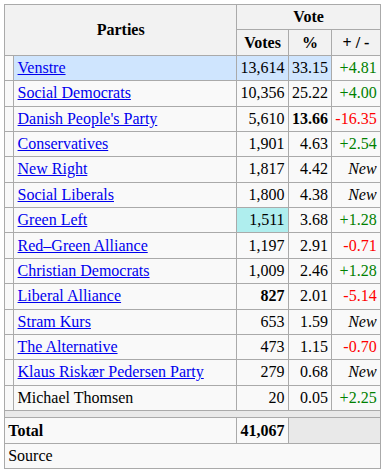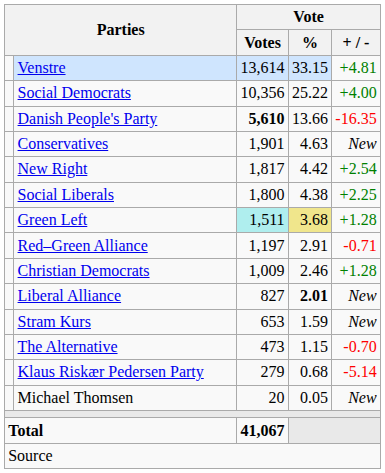 <table class="wikitable" style="text-align:right;">
 <tr>
 <th style="text-align:centre;" rowspan="2" colspan="2" width="225">Parties</th>
 <th colspan="3">Vote</th>
 </tr>
 <tr>
 <th width="15">Votes</th>
 <th width="15">%</th>
 <th width="15">+ / -</th>
 </tr>
 <tr>
 <td width="2" style="color:inherit;background:"></td>
 <td bgcolor=#cfe5fe  align="left"><a href='#'>Venstre</a></td>
 <td bgcolor=#cfe5fe>13,614</td>
 <td bgcolor=#cfe5fe>33.15</td>
 <td style=color:green;>+4.81</td>
 </tr>
 <tr>
 <td width="2" style="color:inherit;background:"></td>
 <td align="left"><a href='#'>Social Democrats</a></td>
 <td>10,356</td>
 <td>25.22</td>
 <td style=color:green;>+4.00</td>
 </tr>
 <tr>
 <td width="2" style="color:inherit;background:"></td>
 <td align="left"><a href='#'>Danish People's Party</a></td>
-<td>5,610</td>
-<td><strong>13.66</strong></td>
+<td><strong>5,610</strong></td>
+<td>13.66</td>
 <td style=color:red;>-16.35</td>
 </tr>
 <tr>
 <td width="2" style="color:inherit;background:"></td>
 <td align="left"><a href='#'>Conservatives</a></td>
 <td>1,901</td>
 <td>4.63</td>
-<td style=color:green;>+2.54</td>
+<td><em>New</em></td>
 </tr>
 <tr>
 <td width="2" style="color:inherit;background:"></td>
 <td align="left"><a href='#'>New Right</a></td>
 <td>1,817</td>
 <td>4.42</td>
-<td><em>New</em></td>
+<td style=color:green;>+2.54</td>
 </tr>
 <tr>
 <td width="2" style="color:inherit;background:"></td>
 <td align="left"><a href='#'>Social Liberals</a></td>
 <td>1,800</td>
 <td>4.38</td>
-<td><em>New</em></td>
+<td style=color:green;>+2.25</td>
 </tr>
 <tr>
 <td width="2" style="color:inherit;background:"></td>
 <td align="left"><a href='#'>Green Left</a></td>
 <td style="background: paleturquoise;">1,511</td>
-<td>3.68</td>
+<td style="background: khaki;">3.68</td>
 <td style=color:green;>+1.28</td>
 </tr>
 <tr>
 <td width="2" style="color:inherit;background:"></td>
 <td align="left"><a href='#'>Red–Green Alliance</a></td>
 <td>1,197</td>
 <td>2.91</td>
 <td style=color:red;>-0.71</td>
 </tr>
 <tr>
 <td width="2" style="color:inherit;background:"></td>
 <td align="left"><a href='#'>Christian Democrats</a></td>
 <td>1,009</td>
 <td>2.46</td>
 <td style=color:green;>+1.28</td>
 </tr>
 <tr>
 <td width="2" style="color:inherit;background:"></td>
 <td align="left"><a href='#'>Liberal Alliance</a></td>
-<td><strong>827</strong></td>
-<td>2.01</td>
-<td style=color:red;>-5.14</td>
+<td>827</td>
+<td><strong>2.01</strong></td>
+<td><em>New</em></td>
 </tr>
 <tr>
 <td width="2" style="color:inherit;background:"></td>
 <td align="left"><a href='#'>Stram Kurs</a></td>
 <td>653</td>
 <td>1.59</td>
 <td><em>New</em></td>
 </tr>
 <tr>
 <td width="2" style="color:inherit;background:"></td>
 <td align="left"><a href='#'>The Alternative</a></td>
 <td>473</td>
 <td>1.15</td>
 <td style=color:red;>-0.70</td>
 </tr>
 <tr>
 <td width="2" style="color:inherit;background:"></td>
 <td align="left"><a href='#'>Klaus Riskær Pedersen Party</a></td>
 <td>279</td>
 <td>0.68</td>
-<td><em>New</em></td>
+<td style=color:red;>-5.14</td>
 </tr>
 <tr>
 <td width="2" style="color:inherit;background:"></td>
 <td align="left">Michael Thomsen</td>
 <td>20</td>
 <td>0.05</td>
-<td style=color:green;>+2.25</td>
+<td><em>New</em></td>
 </tr>
 <tr>
 <td colspan="7" bgcolor="#E9E9E9"></td>
 </tr>
 <tr>
 <td align="left" colspan="2"><strong>Total</strong></td>
 <td><strong>41,067</strong></td>
 <td bgcolor="#E9E9E9" colspan="2"></td>
 </tr>
 <tr>
 <td align="left" colspan="6">Source</td>
 </tr>
 </table>
